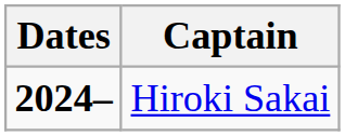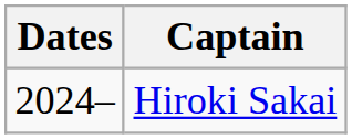 <table class="wikitable">
 <tr>
 <th>Dates</th>
 <th>Captain</th>
 </tr>
 <tr>
-<td><strong>2024–</strong></td>
+<td>2024–</td>
 <td> <a href='#'>Hiroki Sakai</a></td>
 </tr>
 </table>
